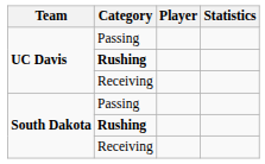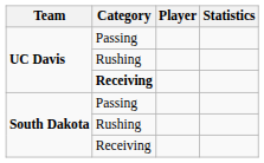 <table class="wikitable" style="float: right;">
 <tr>
 <th>Team</th>
 <th>Category</th>
 <th>Player</th>
 <th>Statistics</th>
 </tr>
 <tr>
 <td rowspan=3><strong>UC Davis</strong></td>
 <td>Passing</td>
 <td></td>
 <td></td>
 </tr>
 <tr>
-<td><strong>Rushing</strong></td>
+<td>Rushing</td>
 <td></td>
 <td></td>
 </tr>
 <tr>
-<td>Receiving</td>
+<td><strong>Receiving</strong></td>
 <td></td>
 <td></td>
 </tr>
 <tr>
 <td rowspan=3><strong>South Dakota</strong></td>
 <td>Passing</td>
 <td></td>
 <td></td>
 </tr>
 <tr>
-<td><strong>Rushing</strong></td>
+<td>Rushing</td>
 <td></td>
 <td></td>
 </tr>
 <tr>
 <td>Receiving</td>
 <td></td>
 <td></td>
 </tr>
 </table>
